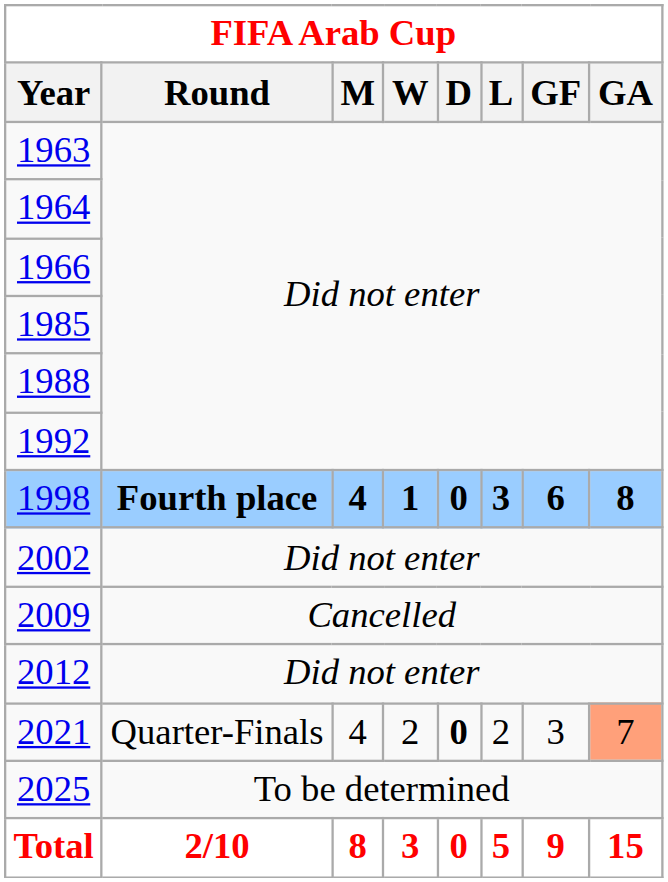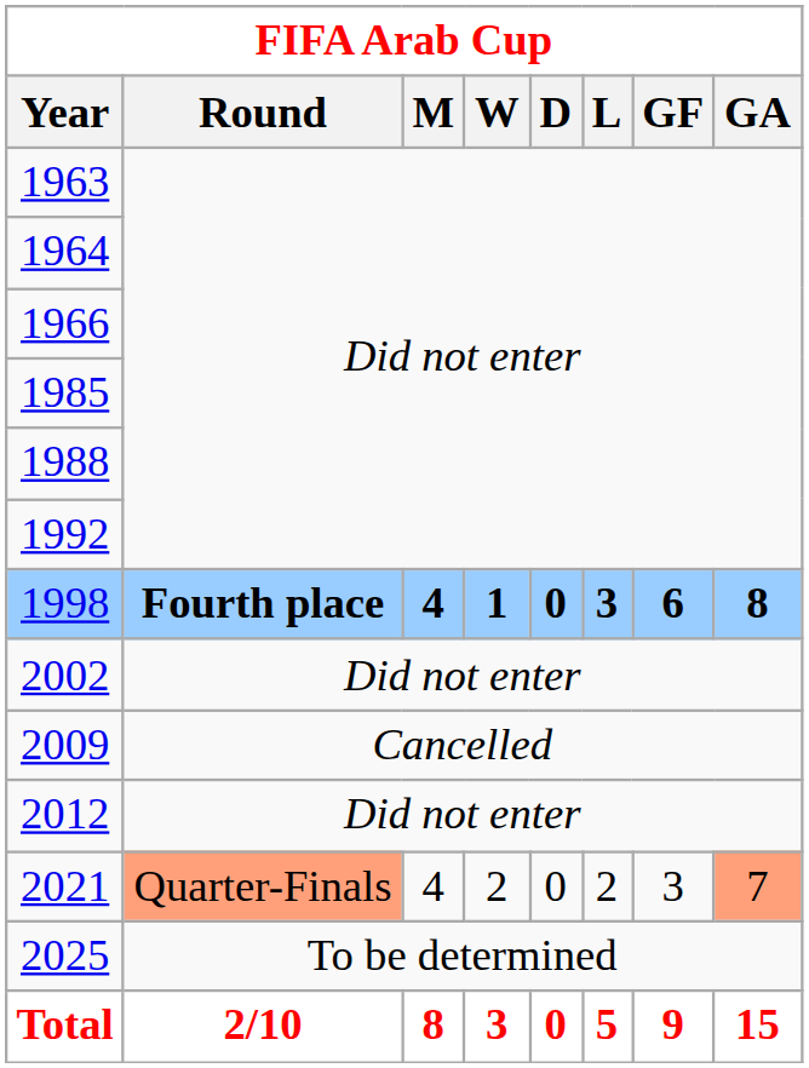 <table class="wikitable" style="text-align: center;">
 <tr style="color:red;">
 <th colspan="8" style="background:#ffffff;">FIFA Arab Cup</th>
 </tr>
 <tr>
 <th>Year</th>
 <th>Round</th>
 <th>M</th>
 <th>W</th>
 <th>D</th>
 <th>L</th>
 <th>GF</th>
 <th>GA</th>
 </tr>
 <tr>
 <td> <a href='#'>1963</a></td>
 <td rowspan=6 colspan=7><em>Did not enter</em></td>
 </tr>
 <tr>
 <td> <a href='#'>1964</a></td>
 </tr>
 <tr>
 <td> <a href='#'>1966</a></td>
 </tr>
 <tr>
 <td> <a href='#'>1985</a></td>
 </tr>
 <tr>
 <td> <a href='#'>1988</a></td>
 </tr>
 <tr>
 <td> <a href='#'>1992</a></td>
 </tr>
 <tr style="background:#9acdff;">
 <td> <a href='#'>1998</a></td>
 <td><strong>Fourth place</strong></td>
 <td><strong>4</strong></td>
 <td><strong>1</strong></td>
 <td><strong>0</strong></td>
 <td><strong>3</strong></td>
 <td><strong>6</strong></td>
 <td><strong>8</strong></td>
 </tr>
 <tr>
 <td> <a href='#'>2002</a></td>
 <td colspan=7><em>Did not enter</em></td>
 </tr>
 <tr>
 <td><a href='#'>2009</a></td>
 <td colspan=7><em>Cancelled</em></td>
 </tr>
 <tr>
 <td> <a href='#'>2012</a></td>
 <td colspan=7><em>Did not enter</em></td>
 </tr>
 <tr>
 <td style="text-align:center;"> <a href='#'>2021</a></td>
-<td>Quarter-Finals</td>
+<td style="background: lightsalmon;">Quarter-Finals</td>
 <td>4</td>
 <td>2</td>
-<td><strong>0</strong></td>
+<td>0</td>
 <td>2</td>
 <td>3</td>
 <td style="background: lightsalmon;">7</td>
 </tr>
 <tr>
 <td> <a href='#'>2025</a></td>
 <td colspan="7" rowspan="1">To be determined</td>
 </tr>
 <tr style="color:red;">
 <th style="background:#ffffff;"><strong>Total</strong></th>
 <th style="background:#ffffff;">2/10</th>
 <th style="background:#ffffff;"><strong>8</strong></th>
 <th style="background:#ffffff;"><strong>3</strong></th>
 <th style="background:#ffffff;"><strong>0</strong></th>
 <th style="background:#ffffff;"><strong>5</strong></th>
 <th style="background:#ffffff;"><strong>9</strong></th>
 <th style="background:#ffffff;"><strong>15</strong></th>
 </tr>
 </table>
